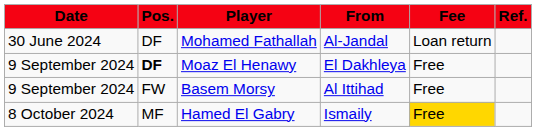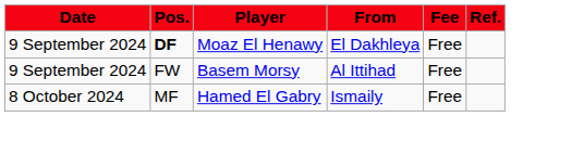 <table class="wikitable plainrowheaders sortable">
 <tr>
 <th style="background:#f50213; color:#fffff; ">Date</th>
 <th style="background:#f50213; color:#fffff; ">Pos.</th>
 <th style="background:#f50213; color:#fffff; ">Player</th>
 <th style="background:#f50213; color:#fffff; ">From</th>
 <th style="background:#f50213; color:#fffff; ">Fee</th>
 <th style="background:#f50213; color:#fffff; ">Ref.</th>
-</tr>
-<tr>
-<td>30 June 2024</td>
-<td>DF</td>
-<td> <a href='#'>Mohamed Fathallah</a></td>
-<td> <a href='#'>Al-Jandal</a></td>
-<td>Loan return</td>
-<td></td>
 </tr>
 <tr>
 <td>9 September 2024</td>
 <td><strong>DF</strong></td>
 <td> <a href='#'>Moaz El Henawy</a></td>
 <td> <a href='#'>El Dakhleya</a></td>
 <td>Free</td>
 <td></td>
 </tr>
 <tr>
 <td>9 September 2024</td>
 <td>FW</td>
 <td> <a href='#'>Basem Morsy</a></td>
 <td> <a href='#'>Al Ittihad</a></td>
 <td>Free</td>
 <td></td>
 </tr>
 <tr>
 <td>8 October 2024</td>
 <td>MF</td>
 <td> <a href='#'>Hamed El Gabry</a></td>
 <td> <a href='#'>Ismaily</a></td>
-<td style="background: gold;">Free</td>
+<td>Free</td>
 <td></td>
 </tr>
 </table>
